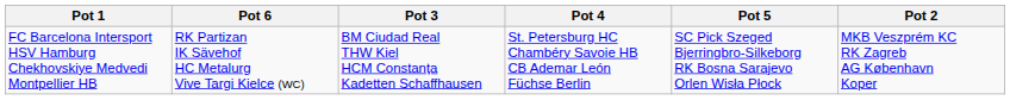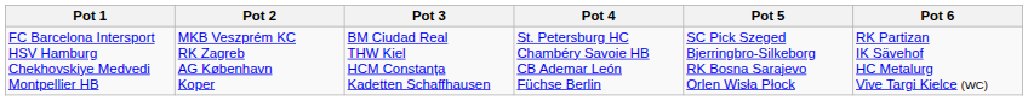 <table class="wikitable">
 <tr>
 <th width=15%>Pot 1</th>
-<th width=15%>Pot 6</th>
+<th width=15%>Pot 2</th>
 <th width=15%>Pot 3</th>
 <th width=15%>Pot 4</th>
 <th width=15%>Pot 5</th>
-<th width=15%>Pot 2</th>
+<th width=15%>Pot 6</th>
 </tr>
 <tr>
 <td valign="top"> <a href='#'>FC Barcelona Intersport</a><br> <a href='#'>HSV Hamburg</a><br> <a href='#'>Chekhovskiye Medvedi</a><br> <a href='#'>Montpellier HB</a></td>
-<td valign="top"> <a href='#'>RK Partizan</a><br> <a href='#'>IK Sävehof</a><br> <a href='#'>HC Metalurg</a><br> <a href='#'>Vive Targi Kielce</a> <small>(WC)</small></td>
+<td valign="top"> <a href='#'>MKB Veszprém KC</a><br> <a href='#'>RK Zagreb</a><br> <a href='#'>AG København</a><br> <a href='#'>Koper</a></td>
 <td valign="top"> <a href='#'>BM Ciudad Real</a><br> <a href='#'>THW Kiel</a><br> <a href='#'>HCM Constanța</a><br> <a href='#'>Kadetten Schaffhausen</a></td>
 <td valign="top"> <a href='#'>St. Petersburg HC</a><br> <a href='#'>Chambéry Savoie HB</a><br> <a href='#'>CB Ademar León</a><br> <a href='#'>Füchse Berlin</a></td>
 <td valign="top"> <a href='#'>SC Pick Szeged</a><br> <a href='#'>Bjerringbro-Silkeborg</a><br> <a href='#'>RK Bosna Sarajevo</a><br>  <a href='#'>Orlen Wisła Płock</a></td>
-<td valign="top"> <a href='#'>MKB Veszprém KC</a><br> <a href='#'>RK Zagreb</a><br> <a href='#'>AG København</a><br> <a href='#'>Koper</a></td>
+<td valign="top"> <a href='#'>RK Partizan</a><br> <a href='#'>IK Sävehof</a><br> <a href='#'>HC Metalurg</a><br> <a href='#'>Vive Targi Kielce</a> <small>(WC)</small></td>
 </tr>
 </table>
